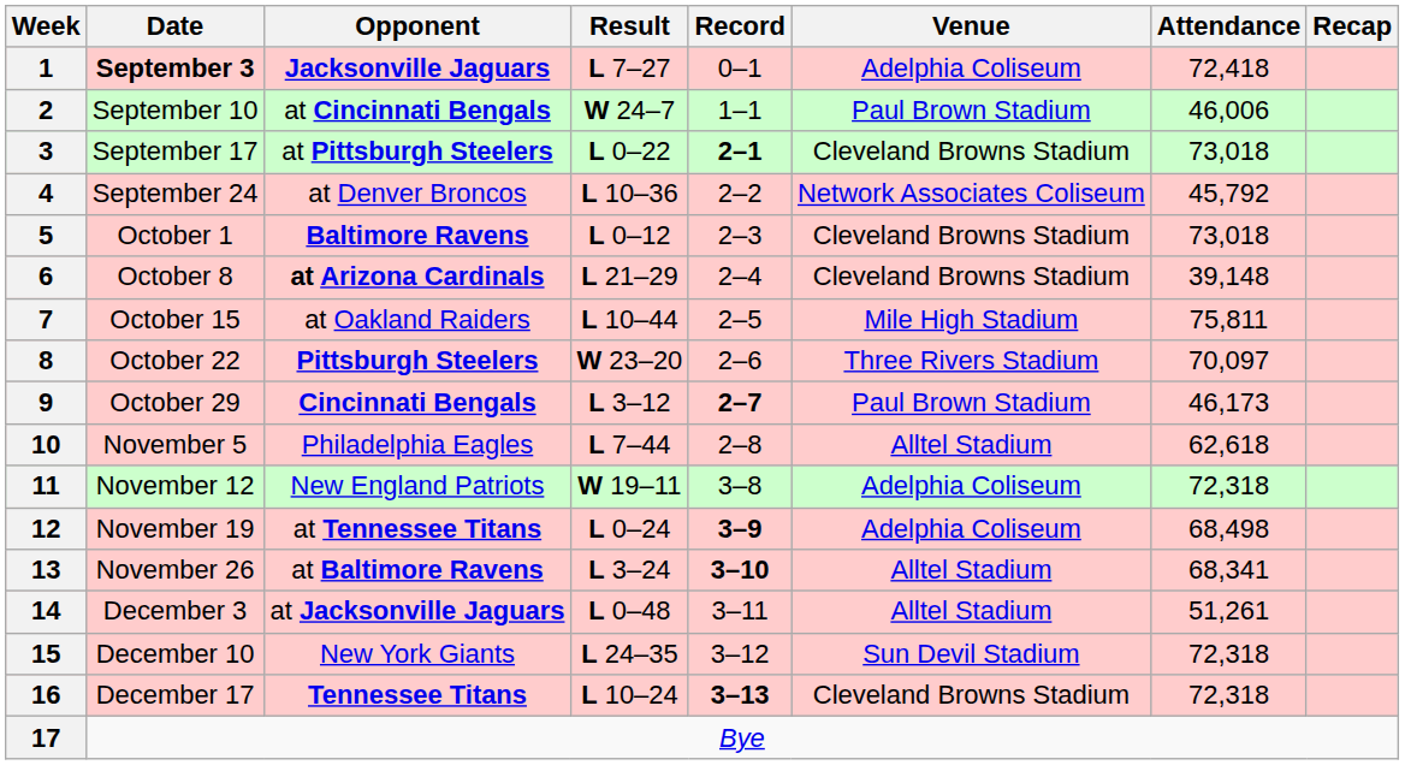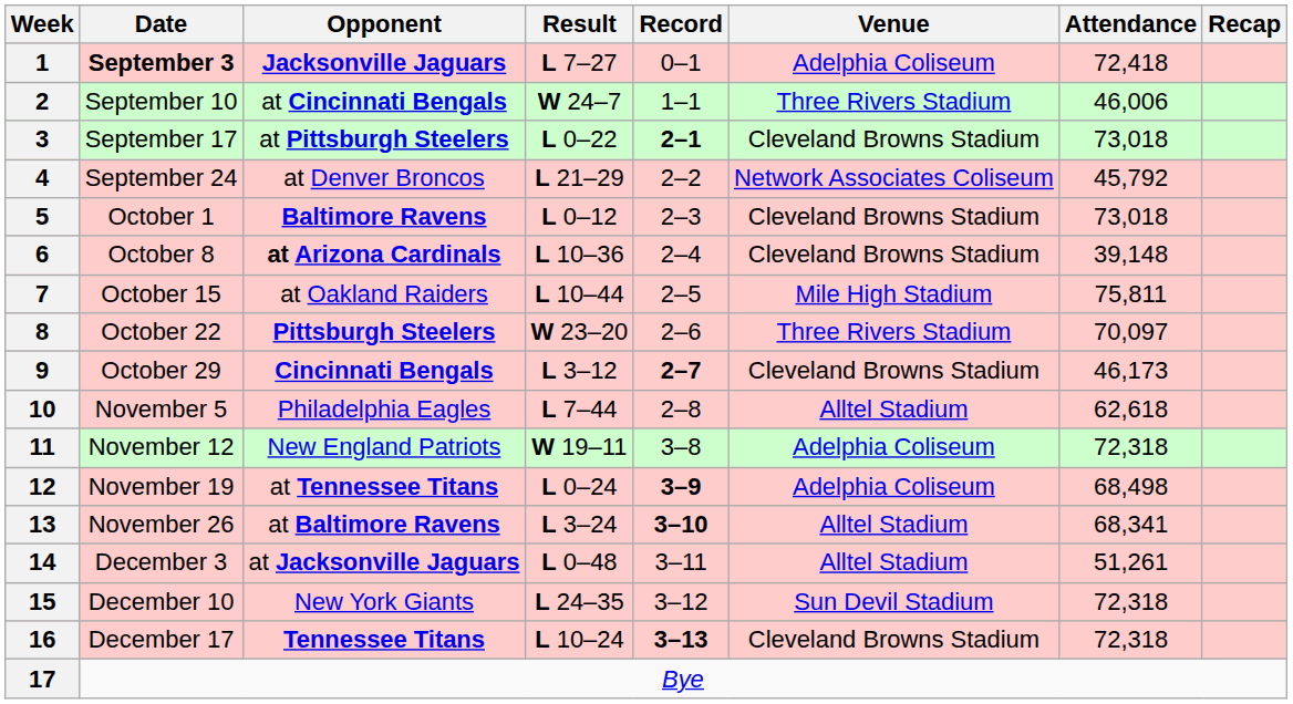 <table class="wikitable" style="text-align:center">
 <tr>
 <th>Week</th>
 <th>Date</th>
 <th>Opponent</th>
 <th>Result</th>
 <th>Record</th>
 <th>Venue</th>
 <th>Attendance</th>
 <th>Recap</th>
 </tr>
 <tr style="background:#fcc">
 <th>1</th>
 <td><strong>September 3</strong></td>
 <td><strong><a href='#'>Jacksonville Jaguars</a></strong></td>
 <td><strong>L</strong> 7–27</td>
 <td>0–1</td>
 <td><a href='#'>Adelphia Coliseum</a></td>
 <td>72,418</td>
 <td></td>
 </tr>
 <tr style="background:#cfc">
 <th>2</th>
 <td>September 10</td>
 <td>at <strong><a href='#'>Cincinnati Bengals</a></strong></td>
 <td><strong>W</strong> 24–7</td>
 <td>1–1</td>
-<td><a href='#'>Paul Brown Stadium</a></td>
+<td><a href='#'>Three Rivers Stadium</a></td>
 <td>46,006</td>
 <td></td>
 </tr>
 <tr style="background:#cfc">
 <th>3</th>
 <td>September 17</td>
 <td>at <strong><a href='#'>Pittsburgh Steelers</a></strong></td>
 <td><strong>L</strong> 0–22</td>
 <td><strong>2–1</strong></td>
 <td>Cleveland Browns Stadium</td>
 <td>73,018</td>
 <td></td>
 </tr>
 <tr style="background:#fcc">
 <th>4</th>
 <td>September 24</td>
 <td>at <a href='#'>Denver Broncos</a></td>
-<td><strong>L</strong> 10–36</td>
+<td><strong>L</strong> 21–29</td>
 <td>2–2</td>
 <td><a href='#'>Network Associates Coliseum</a></td>
 <td>45,792</td>
 <td></td>
 </tr>
 <tr style="background:#fcc">
 <th>5</th>
 <td>October 1</td>
 <td><strong><a href='#'>Baltimore Ravens</a></strong></td>
 <td><strong>L</strong> 0–12</td>
 <td>2–3</td>
 <td>Cleveland Browns Stadium</td>
 <td>73,018</td>
 <td></td>
 </tr>
 <tr style="background:#fcc">
 <th>6</th>
 <td>October 8</td>
 <td><strong>at <a href='#'>Arizona Cardinals</a></strong></td>
-<td><strong>L</strong> 21–29</td>
+<td><strong>L</strong> 10–36</td>
 <td>2–4</td>
 <td>Cleveland Browns Stadium</td>
 <td>39,148</td>
 <td></td>
 </tr>
 <tr style="background:#fcc">
 <th>7</th>
 <td>October 15</td>
 <td>at <a href='#'>Oakland Raiders</a></td>
 <td><strong>L</strong> 10–44</td>
 <td>2–5</td>
 <td><a href='#'>Mile High Stadium</a></td>
 <td>75,811</td>
 <td></td>
 </tr>
 <tr style="background:#fcc">
 <th>8</th>
 <td>October 22</td>
 <td><strong><a href='#'>Pittsburgh Steelers</a></strong></td>
 <td><strong>W</strong> 23–20</td>
 <td>2–6</td>
 <td><a href='#'>Three Rivers Stadium</a></td>
 <td>70,097</td>
 <td></td>
 </tr>
 <tr style="background:#fcc">
 <th>9</th>
 <td>October 29</td>
 <td><strong><a href='#'>Cincinnati Bengals</a></strong></td>
 <td><strong>L</strong> 3–12</td>
 <td><strong>2–7</strong></td>
-<td><a href='#'>Paul Brown Stadium</a></td>
+<td>Cleveland Browns Stadium</td>
 <td>46,173</td>
 <td></td>
 </tr>
 <tr style="background:#fcc">
 <th>10</th>
 <td>November 5</td>
 <td><a href='#'>Philadelphia Eagles</a></td>
 <td><strong>L</strong> 7–44</td>
 <td>2–8</td>
 <td><a href='#'>Alltel Stadium</a></td>
 <td>62,618</td>
 <td></td>
 </tr>
 <tr style="background:#cfc">
 <th>11</th>
 <td>November 12</td>
 <td><a href='#'>New England Patriots</a></td>
 <td><strong>W</strong> 19–11</td>
 <td>3–8</td>
 <td><a href='#'>Adelphia Coliseum</a></td>
 <td>72,318</td>
 <td></td>
 </tr>
 <tr style="background:#fcc">
 <th>12</th>
 <td>November 19</td>
 <td>at <strong><a href='#'>Tennessee Titans</a></strong></td>
 <td><strong>L</strong> 0–24</td>
 <td><strong>3–9</strong></td>
 <td><a href='#'>Adelphia Coliseum</a></td>
 <td>68,498</td>
 <td></td>
 </tr>
 <tr style="background:#fcc">
 <th>13</th>
 <td>November 26</td>
 <td>at <strong><a href='#'>Baltimore Ravens</a></strong></td>
 <td><strong>L</strong> 3–24</td>
 <td><strong>3–10</strong></td>
 <td><a href='#'>Alltel Stadium</a></td>
 <td>68,341</td>
 <td></td>
 </tr>
 <tr style="background:#fcc">
 <th>14</th>
 <td>December 3</td>
 <td>at <strong><a href='#'>Jacksonville Jaguars</a></strong></td>
 <td><strong>L</strong> 0–48</td>
 <td>3–11</td>
 <td><a href='#'>Alltel Stadium</a></td>
 <td>51,261</td>
 <td></td>
 </tr>
 <tr style="background:#fcc">
 <th>15</th>
 <td>December 10</td>
 <td><a href='#'>New York Giants</a></td>
 <td><strong>L</strong> 24–35</td>
 <td>3–12</td>
 <td><a href='#'>Sun Devil Stadium</a></td>
 <td>72,318</td>
 <td></td>
 </tr>
 <tr style="background:#fcc">
 <th>16</th>
 <td>December 17</td>
 <td><strong><a href='#'>Tennessee Titans</a></strong></td>
 <td><strong>L</strong> 10–24</td>
 <td><strong>3–13</strong></td>
 <td>Cleveland Browns Stadium</td>
 <td>72,318</td>
 <td></td>
 </tr>
 <tr>
 <th>17</th>
 <td colspan="7"><em><a href='#'>Bye</a></em></td>
 </tr>
 </table>
